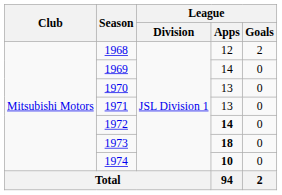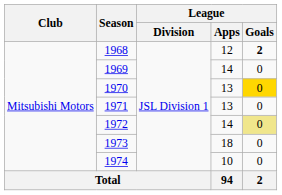 <table class="wikitable" style="text-align:center">
 <tr>
 <th rowspan="2">Club</th>
 <th rowspan="2">Season</th>
 <th colspan="3">League</th>
 </tr>
 <tr>
 <th>Division</th>
 <th>Apps</th>
 <th>Goals</th>
 </tr>
 <tr>
 <td rowspan="7"><a href='#'>Mitsubishi Motors</a></td>
 <td><a href='#'>1968</a></td>
 <td rowspan="7"><a href='#'>JSL Division 1</a></td>
 <td>12</td>
-<td>2</td>
+<td><strong>2</strong></td>
 </tr>
 <tr>
 <td><a href='#'>1969</a></td>
 <td>14</td>
 <td>0</td>
 </tr>
 <tr>
 <td><a href='#'>1970</a></td>
 <td>13</td>
-<td>0</td>
+<td style="background: gold;">0</td>
 </tr>
 <tr>
 <td><a href='#'>1971</a></td>
 <td>13</td>
 <td>0</td>
 </tr>
 <tr>
 <td><a href='#'>1972</a></td>
-<td><strong>14</strong></td>
-<td>0</td>
+<td>14</td>
+<td style="background: khaki;">0</td>
 </tr>
 <tr>
 <td><a href='#'>1973</a></td>
-<td><strong>18</strong></td>
+<td>18</td>
 <td>0</td>
 </tr>
 <tr>
 <td><a href='#'>1974</a></td>
-<td><strong>10</strong></td>
+<td>10</td>
 <td>0</td>
 </tr>
 <tr>
 <th colspan="3">Total</th>
 <th>94</th>
 <th>2</th>
 </tr>
 </table>
